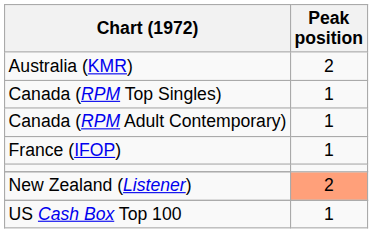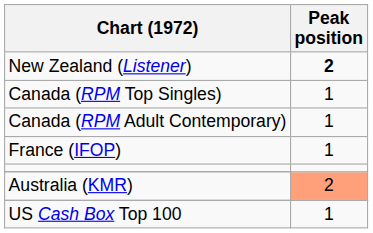 <table class="wikitable sortable">
 <tr>
 <th align="left">Chart (1972)</th>
 <th align="left">Peak<br>position</th>
 </tr>
 <tr>
-<td align="left">Australia (<a href='#'>KMR</a>)</td>
-<td style="text-align:center;">2</td>
+<td align="left">New Zealand (<em><a href='#'>Listener</a></em>)</td>
+<td style="text-align:center;"><strong>2</strong></td>
 </tr>
 <tr>
 <td align="left">Canada (<a href='#'><em>RPM</em></a> Top Singles)</td>
 <td style="text-align:center;">1</td>
 </tr>
 <tr>
 <td align="left">Canada (<a href='#'><em>RPM</em></a> Adult Contemporary)</td>
 <td style="text-align:center;">1</td>
 </tr>
 <tr>
 <td>France (<a href='#'>IFOP</a>)</td>
 <td align="center">1</td>
 </tr>
 <tr>
 <td></td>
 </tr>
 <tr>
 </tr>
 <tr>
 </tr>
 <tr>
-<td align="left">New Zealand (<em><a href='#'>Listener</a></em>)</td>
+<td align="left">Australia (<a href='#'>KMR</a>)</td>
 <td style="background: lightsalmon; text-align:center;">2</td>
 </tr>
 <tr>
 </tr>
 <tr>
 </tr>
 <tr>
 </tr>
 <tr>
 <td>US <a href='#'><em>Cash Box</em></a> Top 100</td>
 <td style="text-align:center;">1</td>
 </tr>
 </table>
